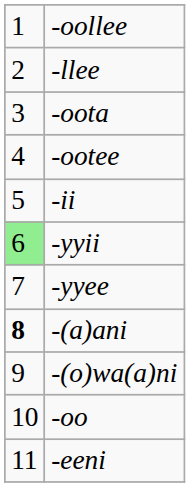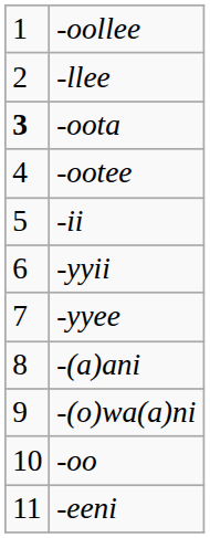 <table class="wikitable">
 <tr>
 <td>1</td>
 <td><em>-oollee</em></td>
 </tr>
 <tr>
 <td>2</td>
 <td><em>-llee</em></td>
 </tr>
 <tr>
-<td>3</td>
+<td><strong>3</strong></td>
 <td><em>-oota</em></td>
 </tr>
 <tr>
 <td>4</td>
 <td><em>-ootee</em></td>
 </tr>
 <tr>
 <td>5</td>
 <td><em>-ii</em></td>
 </tr>
 <tr>
-<td style="background: lightgreen;">6</td>
+<td>6</td>
 <td><em>-yyii</em></td>
 </tr>
 <tr>
 <td>7</td>
 <td><em>-yyee</em></td>
 </tr>
 <tr>
-<td><strong>8</strong></td>
+<td>8</td>
 <td><em>-(a)ani</em></td>
 </tr>
 <tr>
 <td>9</td>
 <td><em>-(o)wa(a)ni</em></td>
 </tr>
 <tr>
 <td>10</td>
 <td><em>-oo</em></td>
 </tr>
 <tr>
 <td>11</td>
 <td><em>-eeni</em></td>
 </tr>
 </table>
